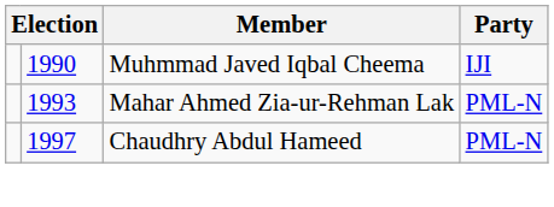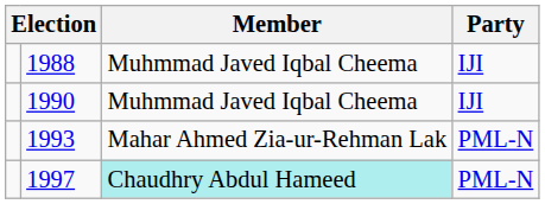 <table class="wikitable">
 <tr>
 <th colspan="2">Election</th>
 <th>Member</th>
 <th>Party</th>
+</tr>
+<tr>
+<td style="background-color: "></td>
+<td><a href='#'>1988</a></td>
+<td>Muhmmad Javed Iqbal Cheema</td>
+<td><a href='#'>IJI</a></td>
 </tr>
 <tr>
 <td style="background-color: "></td>
 <td><a href='#'>1990</a></td>
 <td>Muhmmad Javed Iqbal Cheema</td>
 <td><a href='#'>IJI</a></td>
 </tr>
 <tr>
 <td style="background-color: "></td>
 <td><a href='#'>1993</a></td>
 <td>Mahar Ahmed Zia-ur-Rehman Lak</td>
 <td><a href='#'>PML-N</a></td>
 </tr>
 <tr>
 <td style="background-color: "></td>
 <td><a href='#'>1997</a></td>
-<td>Chaudhry Abdul Hameed</td>
+<td style="background: paleturquoise;">Chaudhry Abdul Hameed</td>
 <td><a href='#'>PML-N</a></td>
 </tr>
 </table>
